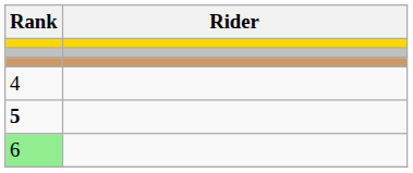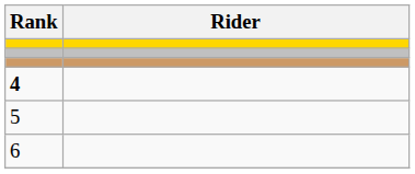 <table class="wikitable" style="font-size:95%" style="text-align:center">
 <tr>
 <th>Rank</th>
 <th width=250>Rider</th>
 </tr>
 <tr bgcolor=gold>
 <td></td>
 <td align=left></td>
 </tr>
 <tr bgcolor=silver>
 <td></td>
 <td align=left></td>
 </tr>
 <tr bgcolor=cc9966>
 <td></td>
 <td align=left></td>
 </tr>
 <tr>
-<td>4</td>
+<td><strong>4</strong></td>
 <td align=left></td>
 </tr>
 <tr>
-<td><strong>5</strong></td>
+<td>5</td>
 <td align=left></td>
 </tr>
 <tr>
-<td style="background: lightgreen;">6</td>
+<td>6</td>
 <td align=left></td>
 </tr>
 <tr>
 </tr>
 </table>
